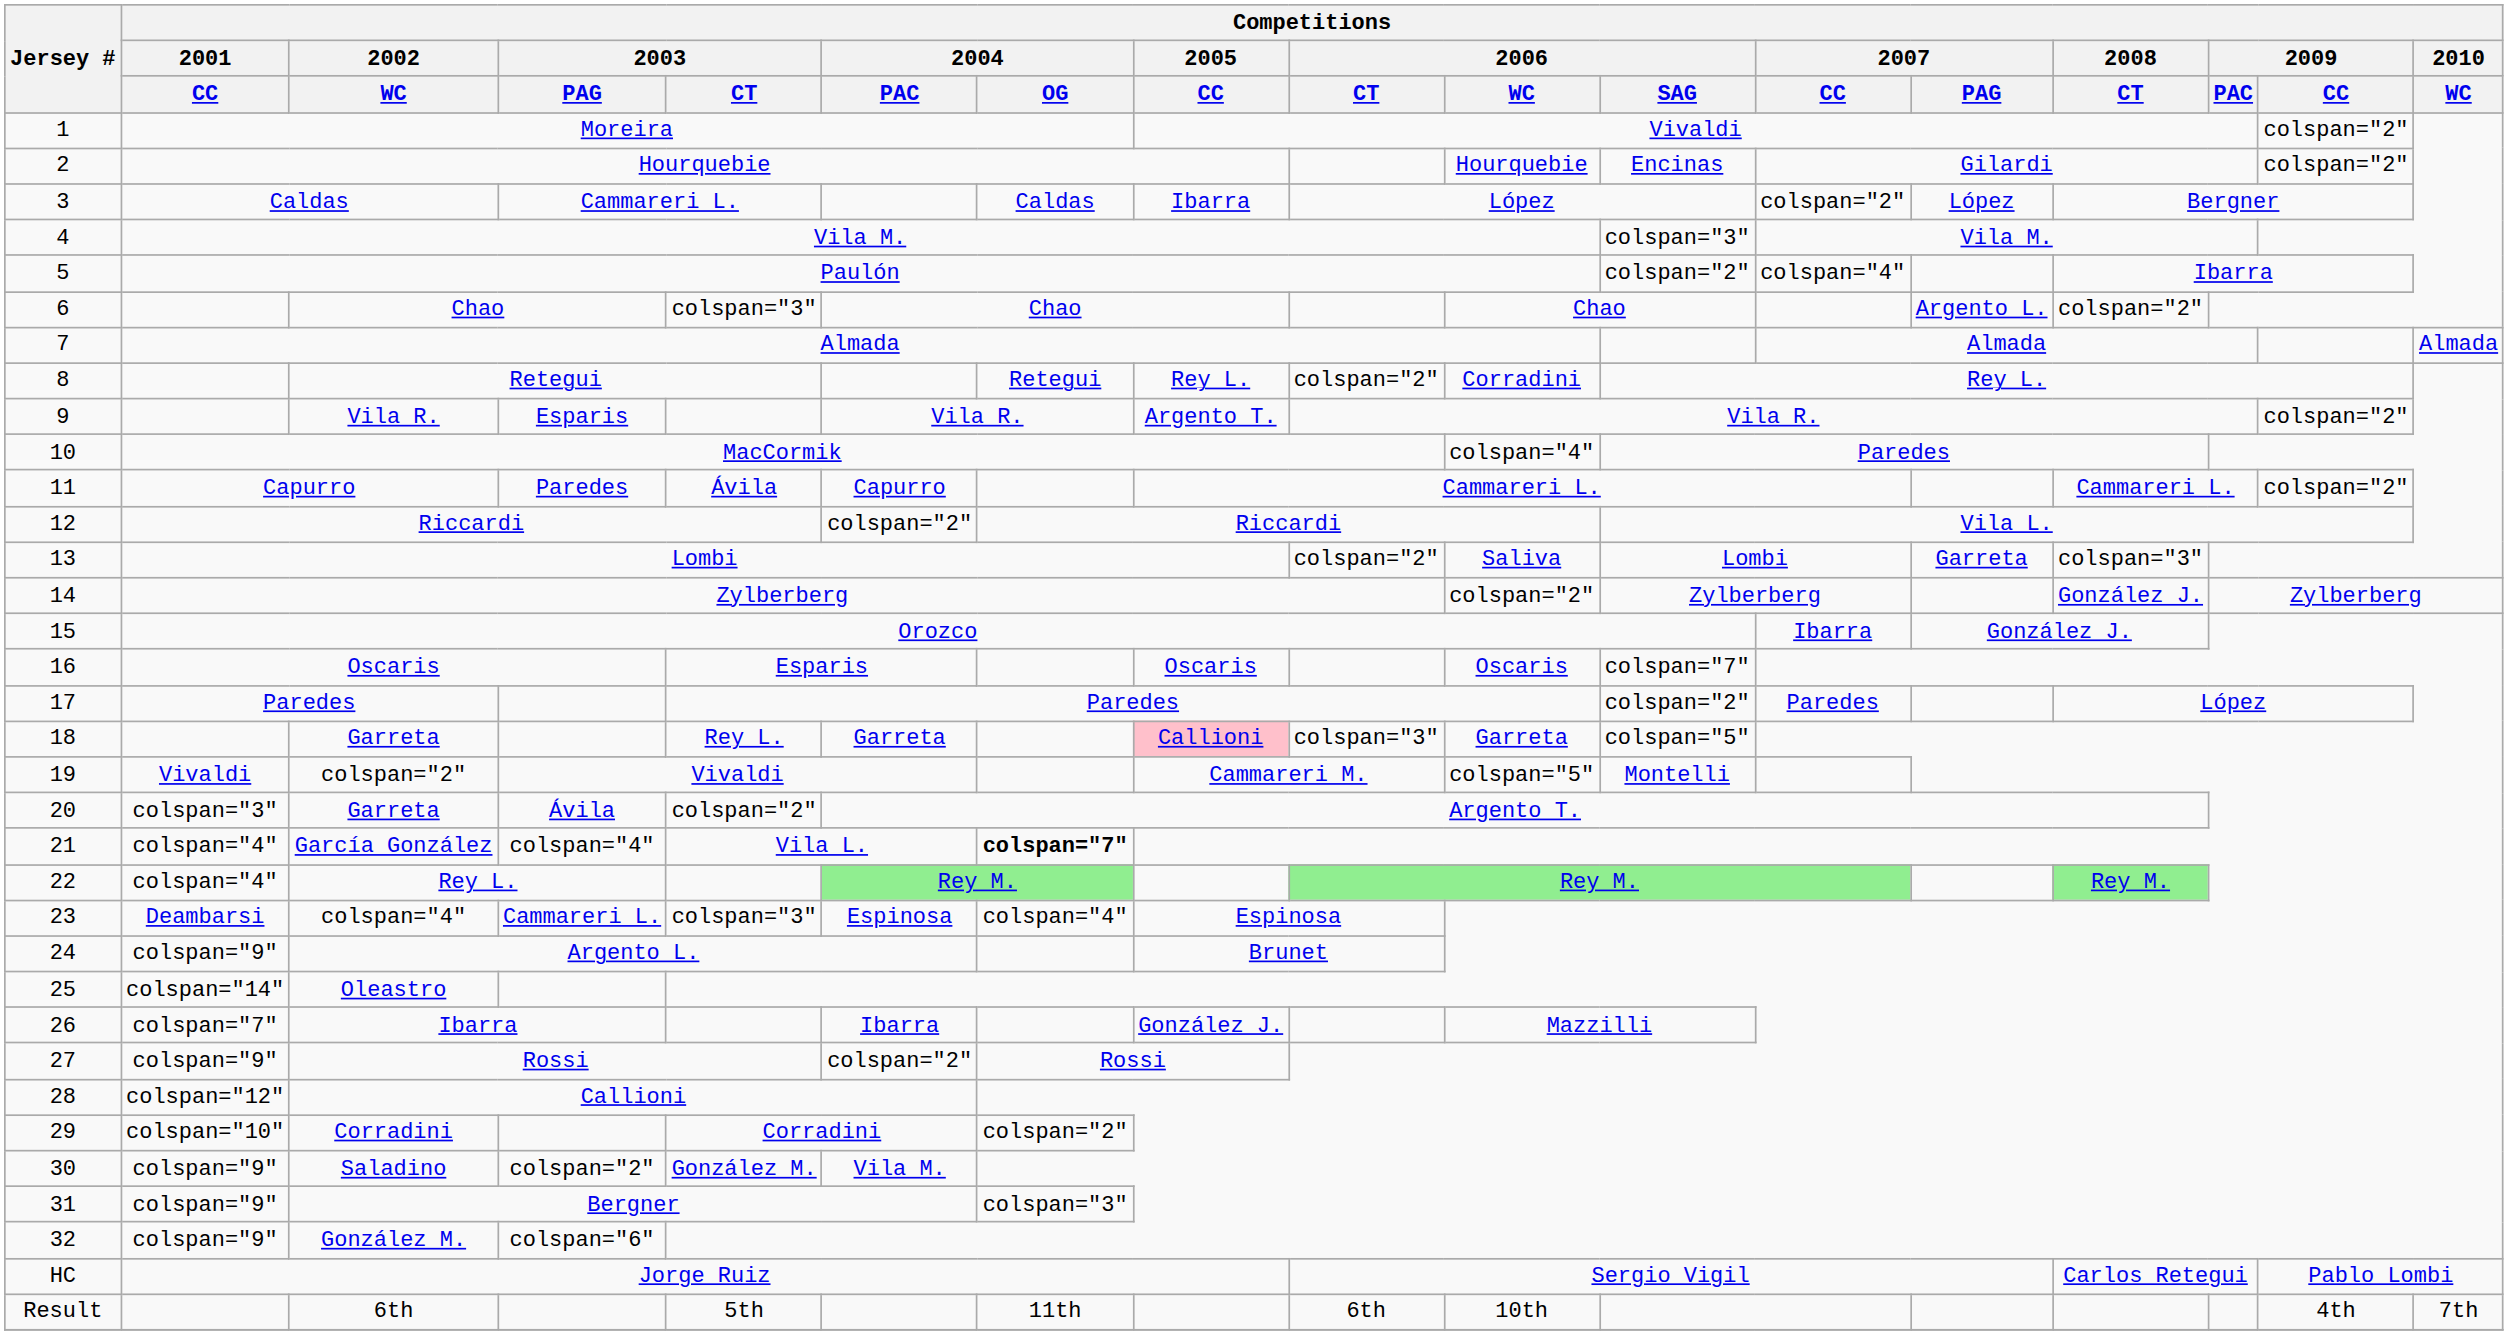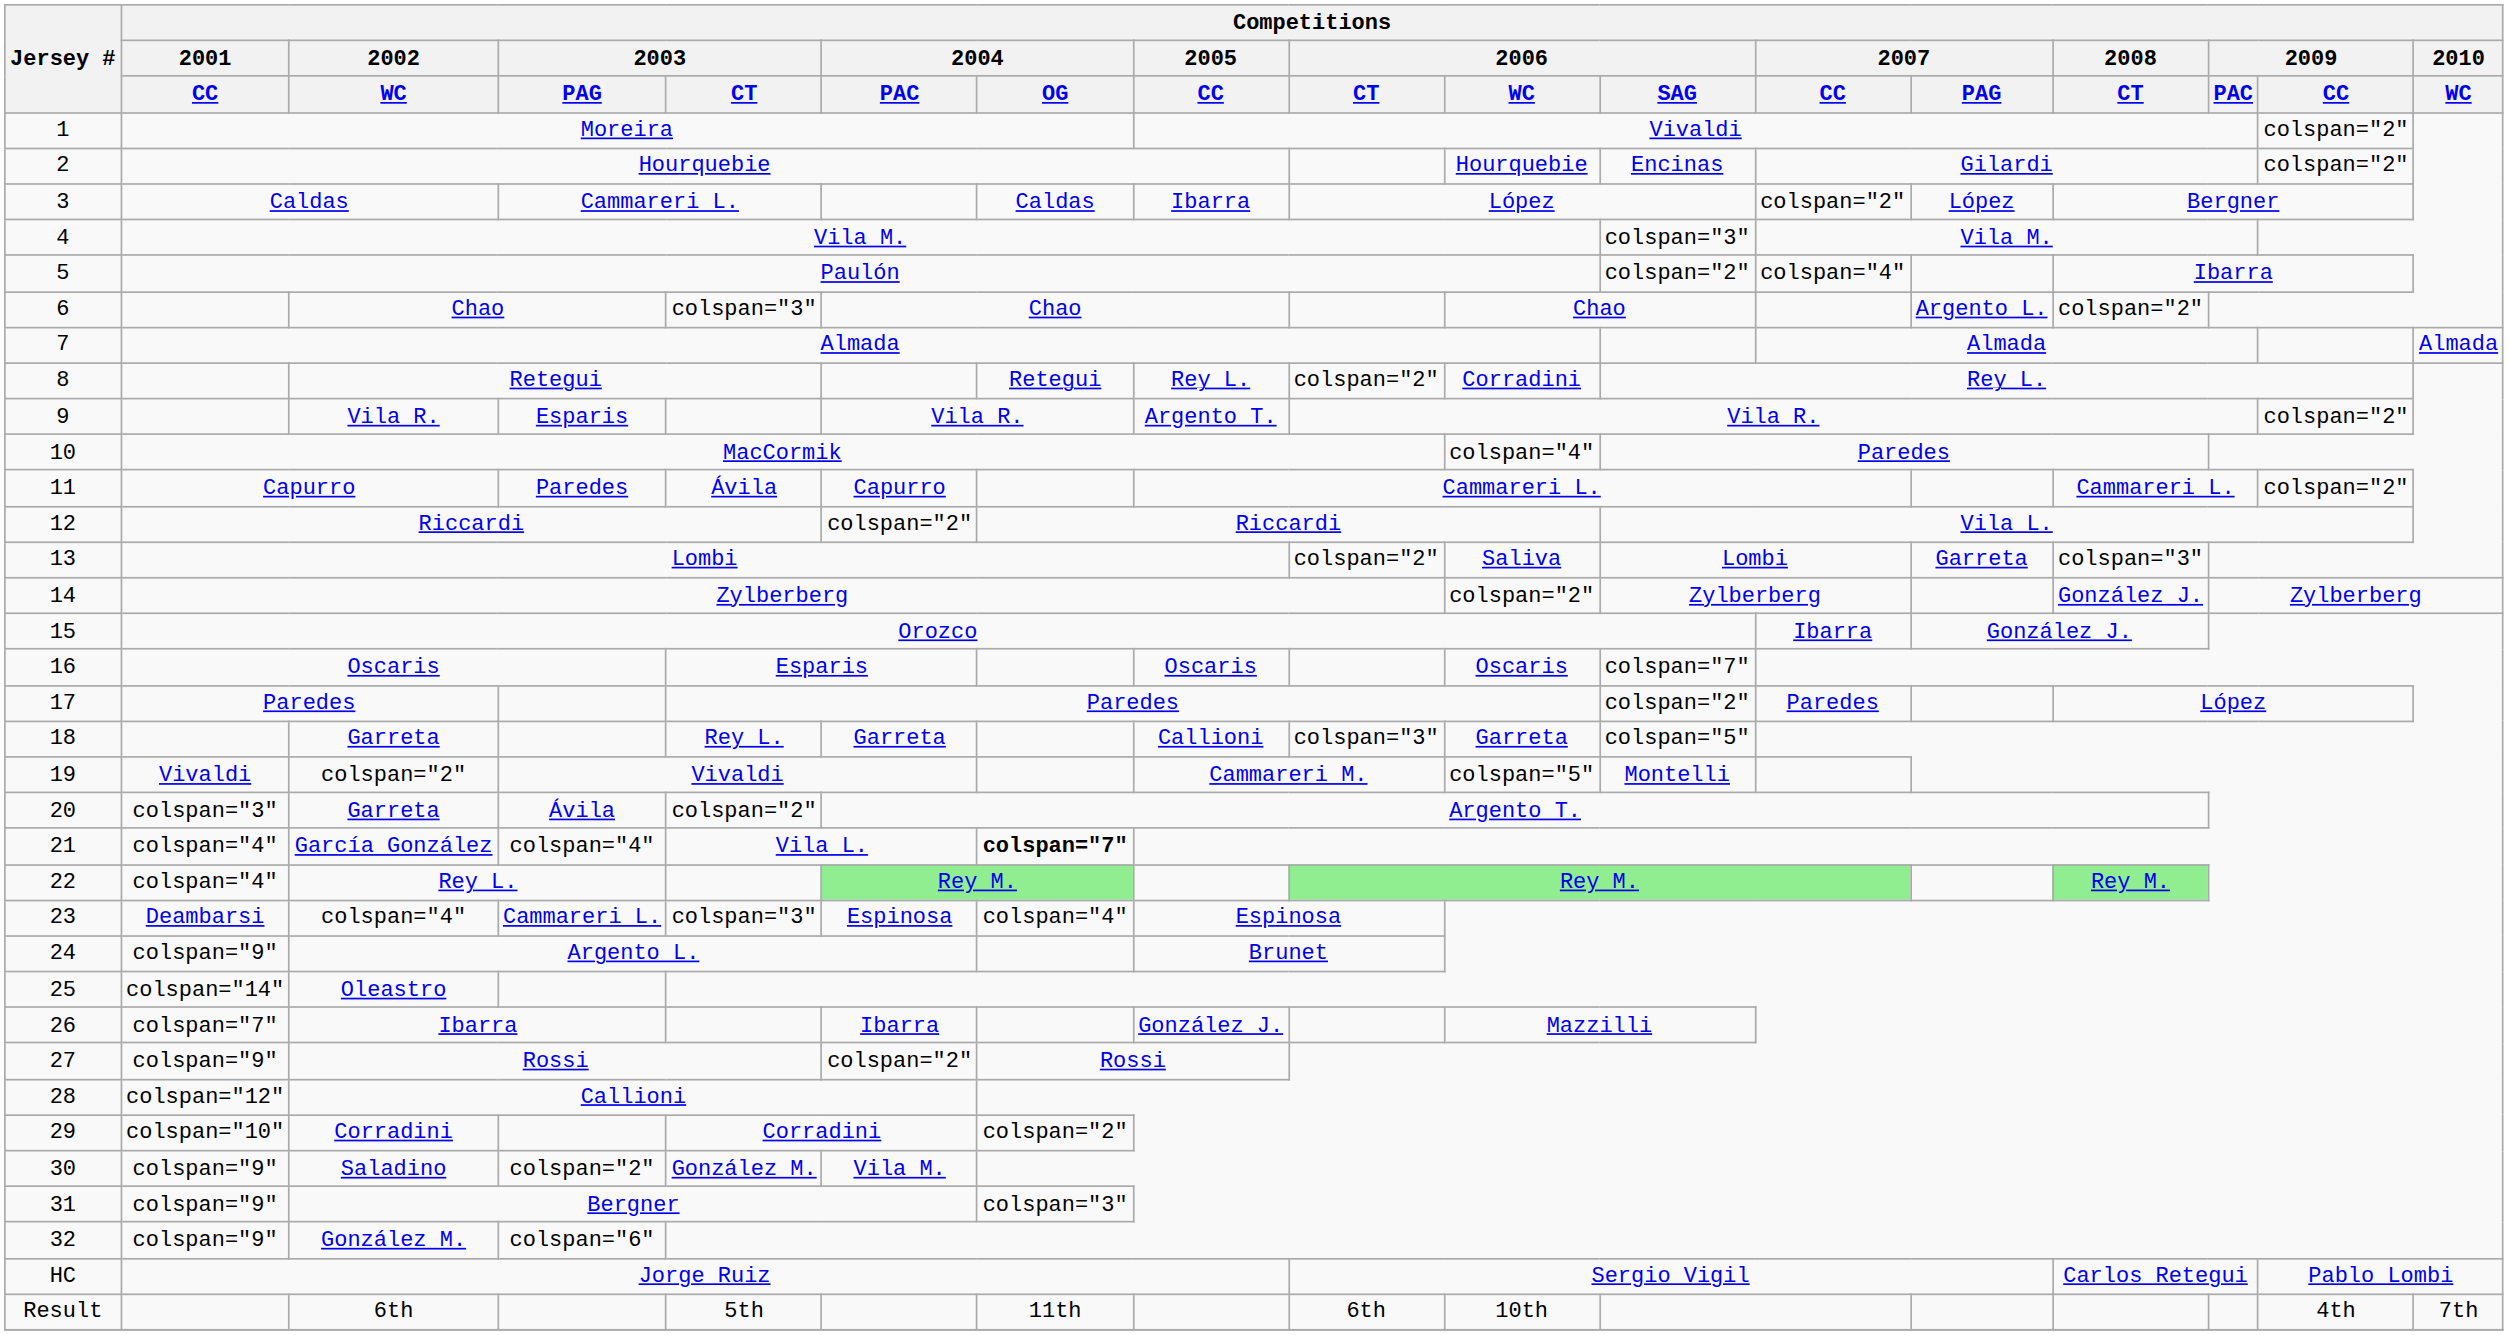 <table class="wikitable" style="text-align:center">
 <tr>
 <th rowspan="3">Jersey #</th>
 <th colspan="16">Competitions</th>
 </tr>
 <tr>
 <th>2001</th>
 <th>2002</th>
 <th colspan="2">2003</th>
 <th colspan="2">2004</th>
 <th>2005</th>
 <th colspan="3">2006</th>
 <th colspan="2">2007</th>
 <th>2008</th>
 <th colspan="2">2009</th>
 <th>2010</th>
 </tr>
 <tr>
 <th><a href='#'>CC</a></th>
 <th><a href='#'>WC</a></th>
 <th><a href='#'>PAG</a></th>
 <th><a href='#'>CT</a></th>
 <th><a href='#'>PAC</a></th>
 <th><a href='#'>OG</a></th>
 <th><a href='#'>CC</a></th>
 <th><a href='#'>CT</a></th>
 <th><a href='#'>WC</a></th>
 <th><a href='#'>SAG</a></th>
 <th><a href='#'>CC</a></th>
 <th><a href='#'>PAG</a></th>
 <th><a href='#'>CT</a></th>
 <th><a href='#'>PAC</a></th>
 <th><a href='#'>CC</a></th>
 <th><a href='#'>WC</a></th>
 </tr>
 <tr>
 <td>1</td>
 <td colspan="6"><a href='#'>Moreira</a></td>
 <td colspan="8"><a href='#'>Vivaldi</a></td>
 <td>colspan="2"</td>
 </tr>
 <tr>
 <td>2</td>
 <td colspan="7"><a href='#'>Hourquebie</a></td>
 <td></td>
 <td><a href='#'>Hourquebie</a></td>
 <td><a href='#'>Encinas</a></td>
 <td colspan="4"><a href='#'>Gilardi</a></td>
 <td>colspan="2"</td>
 </tr>
 <tr>
 <td>3</td>
 <td colspan="2"><a href='#'>Caldas</a></td>
 <td colspan="2"><a href='#'>Cammareri L.</a></td>
 <td></td>
 <td><a href='#'>Caldas</a></td>
 <td><a href='#'>Ibarra</a></td>
 <td colspan="3"><a href='#'>López</a></td>
 <td>colspan="2"</td>
 <td><a href='#'>López</a></td>
 <td colspan="3"><a href='#'>Bergner</a></td>
 </tr>
 <tr>
 <td>4</td>
 <td colspan="9"><a href='#'>Vila M.</a></td>
 <td>colspan="3"</td>
 <td colspan="4"><a href='#'>Vila M.</a></td>
 </tr>
 <tr>
 <td>5</td>
 <td colspan="9"><a href='#'>Paulón</a></td>
 <td>colspan="2"</td>
 <td>colspan="4"</td>
 <td></td>
 <td colspan="3"><a href='#'>Ibarra</a></td>
 </tr>
 <tr>
 <td>6</td>
 <td></td>
 <td colspan="2"><a href='#'>Chao</a></td>
 <td>colspan="3"</td>
 <td colspan="3"><a href='#'>Chao</a></td>
 <td></td>
 <td colspan="2"><a href='#'>Chao</a></td>
 <td></td>
 <td><a href='#'>Argento L.</a></td>
 <td>colspan="2"</td>
 </tr>
 <tr>
 <td>7</td>
 <td colspan="9"><a href='#'>Almada</a></td>
 <td></td>
 <td colspan="4"><a href='#'>Almada</a></td>
 <td></td>
 <td><a href='#'>Almada</a></td>
 </tr>
 <tr>
 <td>8</td>
 <td></td>
 <td colspan="3"><a href='#'>Retegui</a></td>
 <td></td>
 <td><a href='#'>Retegui</a></td>
 <td><a href='#'>Rey L.</a></td>
 <td>colspan="2"</td>
 <td><a href='#'>Corradini</a></td>
 <td colspan="6"><a href='#'>Rey L.</a></td>
 </tr>
 <tr>
 <td>9</td>
 <td></td>
 <td><a href='#'>Vila R.</a></td>
 <td><a href='#'>Esparis</a></td>
 <td></td>
 <td colspan="2"><a href='#'>Vila R.</a></td>
 <td><a href='#'>Argento T.</a></td>
 <td colspan="7"><a href='#'>Vila R.</a></td>
 <td>colspan="2"</td>
 </tr>
 <tr>
 <td>10</td>
 <td colspan="8"><a href='#'>MacCormik</a></td>
 <td>colspan="4"</td>
 <td colspan="4"><a href='#'>Paredes</a></td>
 </tr>
 <tr>
 <td>11</td>
 <td colspan="2"><a href='#'>Capurro</a></td>
 <td><a href='#'>Paredes</a></td>
 <td><a href='#'>Ávila</a></td>
 <td><a href='#'>Capurro</a></td>
 <td></td>
 <td colspan="5"><a href='#'>Cammareri L.</a></td>
 <td></td>
 <td colspan="2"><a href='#'>Cammareri L.</a></td>
 <td>colspan="2"</td>
 </tr>
 <tr>
 <td>12</td>
 <td colspan="4"><a href='#'>Riccardi</a></td>
 <td>colspan="2"</td>
 <td colspan="4"><a href='#'>Riccardi</a></td>
 <td colspan="6"><a href='#'>Vila L.</a></td>
 </tr>
 <tr>
 <td>13</td>
 <td colspan="7"><a href='#'>Lombi</a></td>
 <td>colspan="2"</td>
 <td><a href='#'>Saliva</a></td>
 <td colspan="2"><a href='#'>Lombi</a></td>
 <td><a href='#'>Garreta</a></td>
 <td>colspan="3"</td>
 </tr>
 <tr>
 <td>14</td>
 <td colspan="8"><a href='#'>Zylberberg</a></td>
 <td>colspan="2"</td>
 <td colspan="2"><a href='#'>Zylberberg</a></td>
 <td></td>
 <td><a href='#'>González J.</a></td>
 <td colspan="3"><a href='#'>Zylberberg</a></td>
 </tr>
 <tr>
 <td>15</td>
 <td colspan="10"><a href='#'>Orozco</a></td>
 <td><a href='#'>Ibarra</a></td>
 <td colspan="2"><a href='#'>González J.</a></td>
 </tr>
 <tr>
 <td>16</td>
 <td colspan="3"><a href='#'>Oscaris</a></td>
 <td colspan="2"><a href='#'>Esparis</a></td>
 <td></td>
 <td><a href='#'>Oscaris</a></td>
 <td></td>
 <td><a href='#'>Oscaris</a></td>
 <td>colspan="7"</td>
 </tr>
 <tr>
 <td>17</td>
 <td colspan="2"><a href='#'>Paredes</a></td>
 <td></td>
 <td colspan="6"><a href='#'>Paredes</a></td>
 <td>colspan="2"</td>
 <td><a href='#'>Paredes</a></td>
 <td></td>
 <td colspan="3"><a href='#'>López</a></td>
 </tr>
 <tr>
 <td>18</td>
 <td></td>
 <td><a href='#'>Garreta</a></td>
 <td></td>
 <td><a href='#'>Rey L.</a></td>
 <td><a href='#'>Garreta</a></td>
 <td></td>
-<td style="background: pink;"><a href='#'>Callioni</a></td>
+<td><a href='#'>Callioni</a></td>
 <td>colspan="3"</td>
 <td><a href='#'>Garreta</a></td>
 <td>colspan="5"</td>
 </tr>
 <tr>
 <td>19</td>
 <td><a href='#'>Vivaldi</a></td>
 <td>colspan="2"</td>
 <td colspan="3"><a href='#'>Vivaldi</a></td>
 <td></td>
 <td colspan="2"><a href='#'>Cammareri M.</a></td>
 <td>colspan="5"</td>
 <td><a href='#'>Montelli</a></td>
 <td></td>
 </tr>
 <tr>
 <td>20</td>
 <td>colspan="3"</td>
 <td><a href='#'>Garreta</a></td>
 <td><a href='#'>Ávila</a></td>
 <td>colspan="2"</td>
 <td colspan="9"><a href='#'>Argento T.</a></td>
 </tr>
 <tr>
 <td>21</td>
 <td>colspan="4"</td>
 <td><a href='#'>García González</a></td>
 <td>colspan="4"</td>
 <td colspan="2"><a href='#'>Vila L.</a></td>
 <td><strong>colspan="7"</strong></td>
 </tr>
 <tr>
 <td>22</td>
 <td>colspan="4"</td>
 <td colspan="2"><a href='#'>Rey L.</a></td>
 <td></td>
 <td colspan="2"bgcolor="lightgreen"><a href='#'>Rey M.</a></td>
 <td></td>
 <td colspan="4"bgcolor="lightgreen"><a href='#'>Rey M.</a></td>
 <td></td>
 <td bgcolor="lightgreen"><a href='#'>Rey M.</a></td>
 </tr>
 <tr>
 <td>23</td>
 <td><a href='#'>Deambarsi</a></td>
 <td>colspan="4"</td>
 <td><a href='#'>Cammareri L.</a></td>
 <td>colspan="3"</td>
 <td><a href='#'>Espinosa</a></td>
 <td>colspan="4"</td>
 <td colspan="2"><a href='#'>Espinosa</a></td>
 </tr>
 <tr>
 <td>24</td>
 <td>colspan="9"</td>
 <td colspan="4"><a href='#'>Argento L.</a></td>
 <td></td>
 <td colspan="2"><a href='#'>Brunet</a></td>
 </tr>
 <tr>
 <td>25</td>
 <td>colspan="14"</td>
 <td><a href='#'>Oleastro</a></td>
 <td></td>
 </tr>
 <tr>
 <td>26</td>
 <td>colspan="7"</td>
 <td colspan="2"><a href='#'>Ibarra</a></td>
 <td></td>
 <td><a href='#'>Ibarra</a></td>
 <td></td>
 <td><a href='#'>González J.</a></td>
 <td></td>
 <td colspan="2"><a href='#'>Mazzilli</a></td>
 </tr>
 <tr>
 <td>27</td>
 <td>colspan="9"</td>
 <td colspan="3"><a href='#'>Rossi</a></td>
 <td>colspan="2"</td>
 <td colspan="2"><a href='#'>Rossi</a></td>
 </tr>
 <tr>
 <td>28</td>
 <td>colspan="12"</td>
 <td colspan="4"><a href='#'>Callioni</a></td>
 </tr>
 <tr>
 <td>29</td>
 <td>colspan="10"</td>
 <td><a href='#'>Corradini</a></td>
 <td></td>
 <td colspan="2"><a href='#'>Corradini</a></td>
 <td>colspan="2"</td>
 </tr>
 <tr>
 <td>30</td>
 <td>colspan="9"</td>
 <td><a href='#'>Saladino</a></td>
 <td>colspan="2"</td>
 <td><a href='#'>González M.</a></td>
 <td><a href='#'>Vila M.</a></td>
 </tr>
 <tr>
 <td>31</td>
 <td>colspan="9"</td>
 <td colspan="4"><a href='#'>Bergner</a></td>
 <td>colspan="3"</td>
 </tr>
 <tr>
 <td>32</td>
 <td>colspan="9"</td>
 <td><a href='#'>González M.</a></td>
 <td>colspan="6"</td>
 </tr>
 <tr>
 <td>HC</td>
 <td colspan="7"><a href='#'>Jorge Ruiz</a></td>
 <td colspan="5"><a href='#'>Sergio Vigil</a></td>
 <td colspan="2"><a href='#'>Carlos Retegui</a></td>
 <td colspan="2"><a href='#'>Pablo Lombi</a></td>
 </tr>
 <tr>
 <td>Result</td>
 <td></td>
 <td>6th</td>
 <td></td>
 <td>5th</td>
 <td></td>
 <td>11th</td>
 <td></td>
 <td>6th</td>
 <td>10th</td>
 <td colspan="2"></td>
 <td></td>
 <td></td>
 <td></td>
 <td>4th</td>
 <td>7th</td>
 </tr>
 <tr>
 </tr>
 </table>
